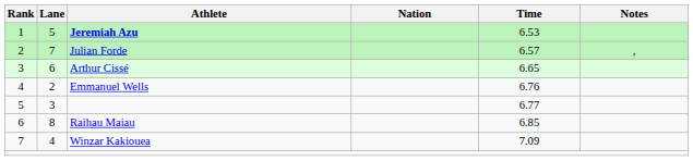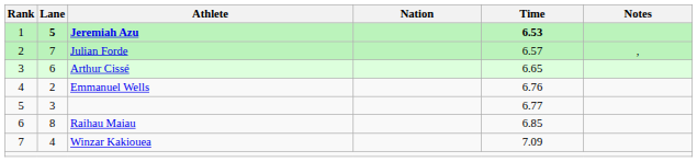 <table class="wikitable sortable" style="text-align:center;width: 60%;">
 <tr>
 <th scope="col" style="width: 10px;">Rank</th>
 <th scope="col" style="width: 10px;">Lane</th>
 <th scope="col">Athlete</th>
 <th scope="col">Nation</th>
 <th scope="col">Time</th>
 <th scope="col">Notes</th>
 </tr>
 <tr bgcolor=bbf3bb>
 <td>1</td>
-<td>5</td>
+<td><strong>5</strong></td>
 <td align=left><strong><a href='#'>Jeremiah Azu</a></strong></td>
 <td align=left></td>
-<td>6.53</td>
+<td><strong>6.53</strong></td>
 <td></td>
 </tr>
 <tr bgcolor=bbf3bb>
 <td>2</td>
 <td>7</td>
 <td align=left><a href='#'>Julian Forde</a></td>
 <td align=left></td>
 <td>6.57</td>
 <td>, </td>
 </tr>
 <tr bgcolor=ddffdd>
 <td>3</td>
 <td>6</td>
 <td align=left><a href='#'>Arthur Cissé</a></td>
 <td align=left></td>
 <td>6.65</td>
 <td></td>
 </tr>
 <tr>
 <td>4</td>
 <td>2</td>
 <td align=left><a href='#'>Emmanuel Wells</a></td>
 <td align=left></td>
 <td>6.76</td>
 <td></td>
 </tr>
 <tr>
 <td>5</td>
 <td>3</td>
 <td align=left></td>
 <td align=left></td>
 <td>6.77</td>
 <td></td>
 </tr>
 <tr>
 <td>6</td>
 <td>8</td>
 <td align=left><a href='#'>Raihau Maiau</a></td>
 <td align=left></td>
 <td>6.85</td>
 <td></td>
 </tr>
 <tr>
 <td>7</td>
 <td>4</td>
 <td align=left><a href='#'>Winzar Kakiouea</a></td>
 <td align=left></td>
 <td>7.09</td>
 <td></td>
 </tr>
 <tr class="sortbottom">
 <td colspan="6"></td>
 </tr>
 </table>
